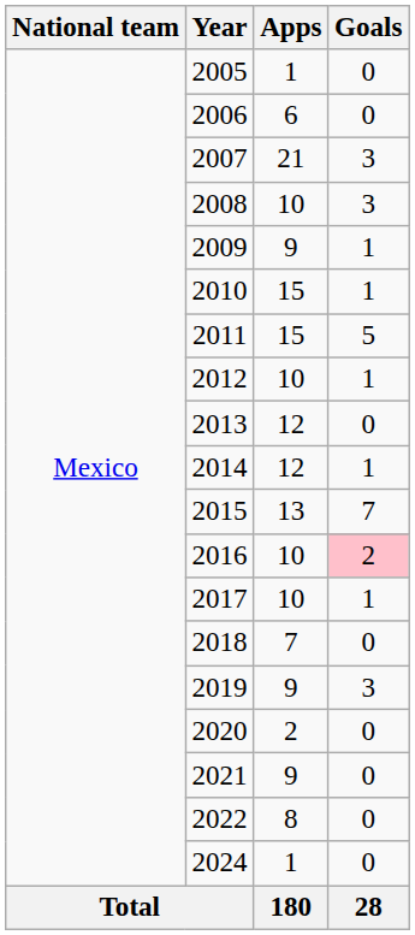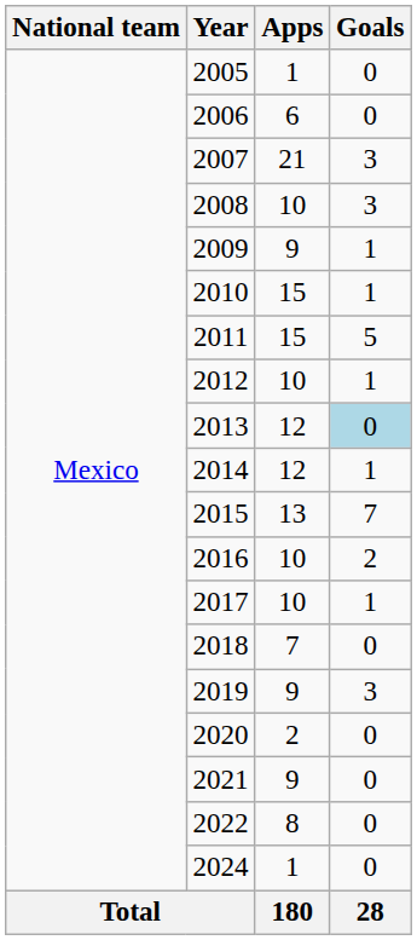 <table class="wikitable" style="text-align:center">
 <tr>
 <th>National team</th>
 <th>Year</th>
 <th>Apps</th>
 <th>Goals</th>
 </tr>
 <tr>
 <td rowspan="19"><a href='#'>Mexico</a></td>
 <td>2005</td>
 <td>1</td>
 <td>0</td>
 </tr>
 <tr>
 <td>2006</td>
 <td>6</td>
 <td>0</td>
 </tr>
 <tr>
 <td>2007</td>
 <td>21</td>
 <td>3</td>
 </tr>
 <tr>
 <td>2008</td>
 <td>10</td>
 <td>3</td>
 </tr>
 <tr>
 <td>2009</td>
 <td>9</td>
 <td>1</td>
 </tr>
 <tr>
 <td>2010</td>
 <td>15</td>
 <td>1</td>
 </tr>
 <tr>
 <td>2011</td>
 <td>15</td>
 <td>5</td>
 </tr>
 <tr>
 <td>2012</td>
 <td>10</td>
 <td>1</td>
 </tr>
 <tr>
 <td>2013</td>
 <td>12</td>
-<td>0</td>
+<td style="background: lightblue;">0</td>
 </tr>
 <tr>
 <td>2014</td>
 <td>12</td>
 <td>1</td>
 </tr>
 <tr>
 <td>2015</td>
 <td>13</td>
 <td>7</td>
 </tr>
 <tr>
 <td>2016</td>
 <td>10</td>
-<td style="background: pink;">2</td>
+<td>2</td>
 </tr>
 <tr>
 <td>2017</td>
 <td>10</td>
 <td>1</td>
 </tr>
 <tr>
 <td>2018</td>
 <td>7</td>
 <td>0</td>
 </tr>
 <tr>
 <td>2019</td>
 <td>9</td>
 <td>3</td>
 </tr>
 <tr>
 <td>2020</td>
 <td>2</td>
 <td>0</td>
 </tr>
 <tr>
 <td>2021</td>
 <td>9</td>
 <td>0</td>
 </tr>
 <tr>
 <td>2022</td>
 <td>8</td>
 <td>0</td>
 </tr>
 <tr>
 <td>2024</td>
 <td>1</td>
 <td>0</td>
 </tr>
 <tr>
 <th colspan="2">Total</th>
 <th>180</th>
 <th>28</th>
 </tr>
 </table>
